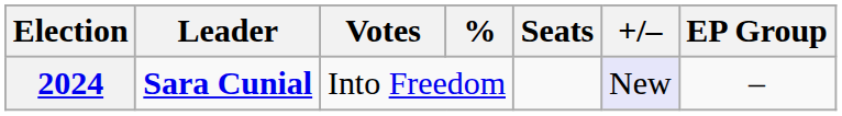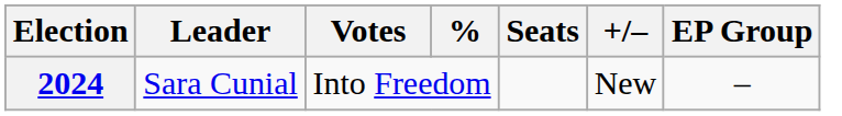 <table class="wikitable" style="text-align:center">
 <tr>
 <th>Election</th>
 <th>Leader</th>
 <th>Votes</th>
 <th>%</th>
 <th>Seats</th>
 <th>+/–</th>
 <th>EP Group</th>
 </tr>
 <tr>
 <th><a href='#'>2024</a></th>
-<td><strong><a href='#'>Sara Cunial</a></strong></td>
+<td><a href='#'>Sara Cunial</a></td>
 <td colspan="2">Into <a href='#'>Freedom</a></td>
 <td></td>
-<td style="background: lavender;">New</td>
+<td>New</td>
 <td>–</td>
 </tr>
 </table>
